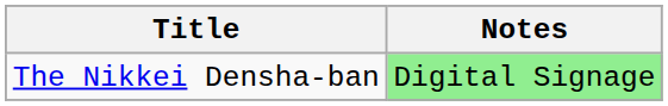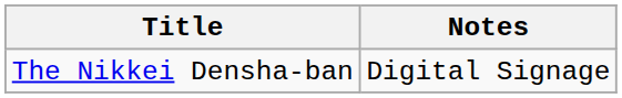 <table class="wikitable">
 <tr>
 <th>Title</th>
 <th>Notes</th>
 </tr>
 <tr>
 <td><a href='#'>The Nikkei</a> Densha-ban</td>
-<td style="background: lightgreen;">Digital Signage</td>
+<td>Digital Signage</td>
 </tr>
 </table>
